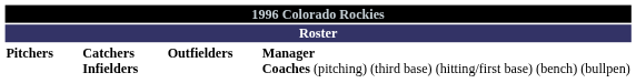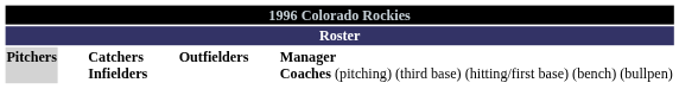 <table class="toccolours" style="font-size: 95%;">
 <tr>
 <th colspan="10" style="background:#000000; color:#C4CED4; text-align:center;">1996 Colorado Rockies</th>
 </tr>
 <tr>
 <td colspan="10" style="background:#333366; color:#FFFFFF; text-align:center;"><strong>Roster</strong></td>
 </tr>
 <tr>
-<td valign="top"><strong>Pitchers</strong><br>                    </td>
+<td valign="top" style="background: lightgrey;"><strong>Pitchers</strong><br>                    </td>
 <td style="width:25px;"></td>
 <td valign="top"><strong>Catchers</strong><br>    <strong>Infielders</strong>       </td>
 <td style="width:25px;"></td>
 <td valign="top"><strong>Outfielders</strong><br>           </td>
 <td style="width:25px;"></td>
 <td valign="top"><strong>Manager</strong><br> <strong>Coaches</strong>  (pitching)  (third base)  (hitting/first base)  (bench)  (bullpen)</td>
 </tr>
 </table>
